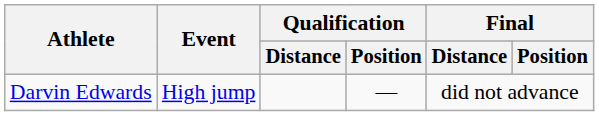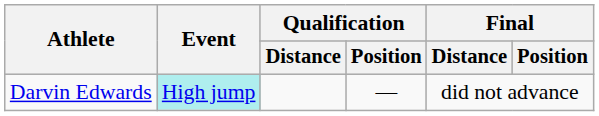 <table class=wikitable style="font-size:90%">
 <tr>
 <th rowspan="2">Athlete</th>
 <th rowspan="2">Event</th>
 <th colspan="2">Qualification</th>
 <th colspan="2">Final</th>
 </tr>
 <tr style="font-size:95%">
 <th>Distance</th>
 <th>Position</th>
 <th>Distance</th>
 <th>Position</th>
 </tr>
 <tr align=center>
 <td align=left><a href='#'>Darvin Edwards</a></td>
-<td align=left><a href='#'>High jump</a></td>
+<td align=left style="background: paleturquoise;"><a href='#'>High jump</a></td>
 <td></td>
 <td>—</td>
 <td colspan=2>did not advance</td>
 </tr>
 </table>
